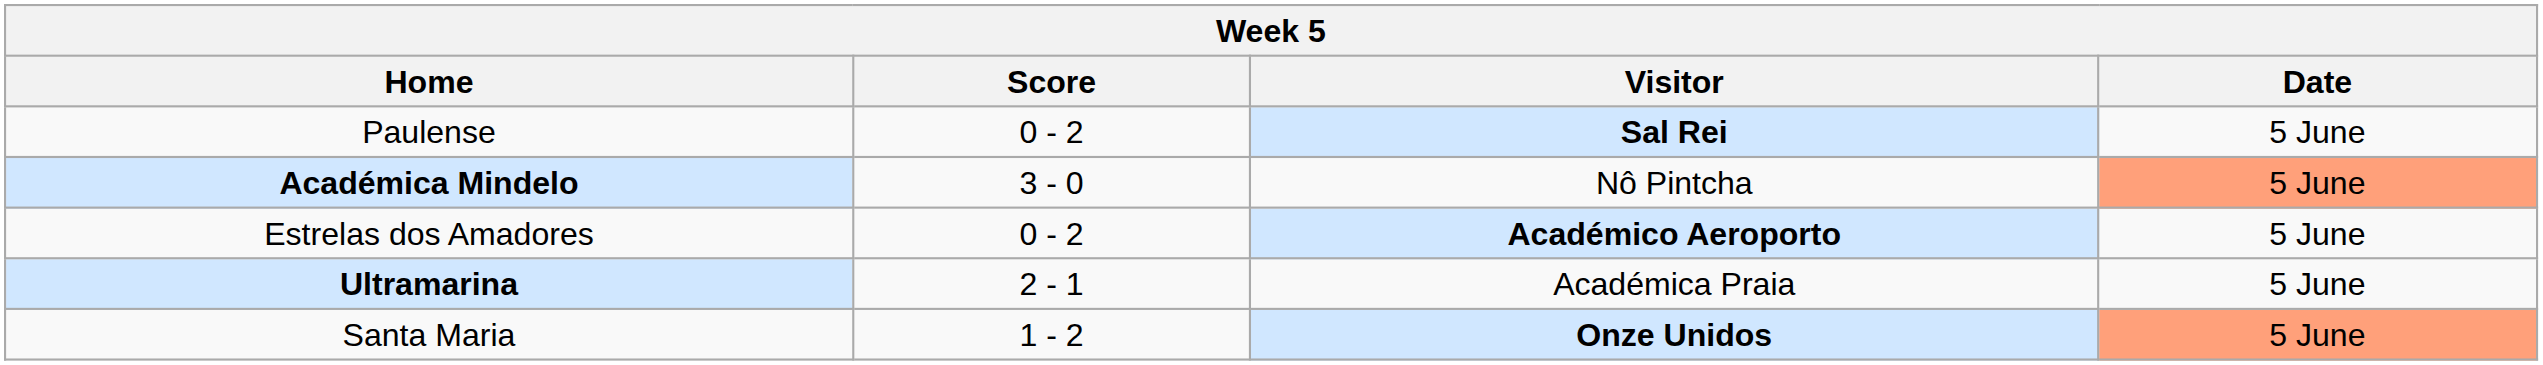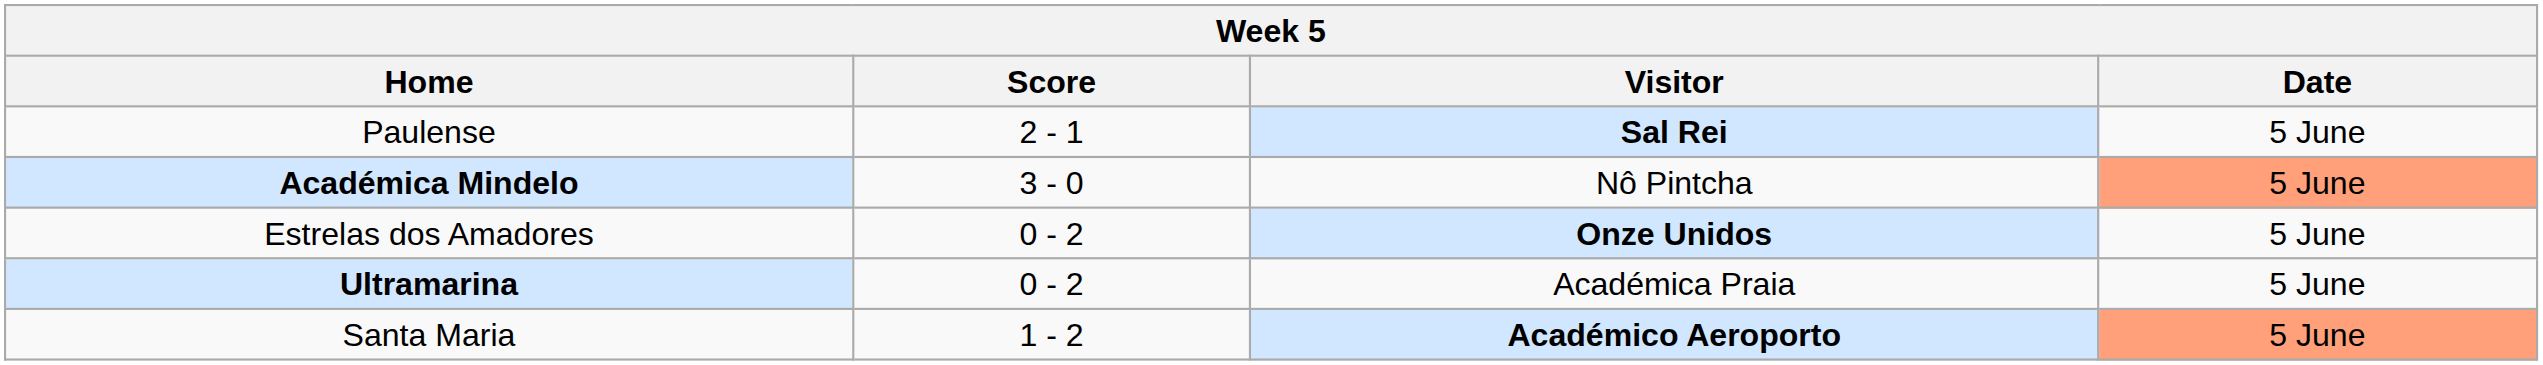 <table class="wikitable " style="font-size:95%; text-align: center; width: 95%;">
 <tr>
 <th colspan="12" style="with: 100%;" align=center>Week 5</th>
 </tr>
 <tr>
 <th width="200">Home</th>
 <th width="90">Score</th>
 <th width="200">Visitor</th>
 <th width="100">Date</th>
 </tr>
 <tr align=center>
 <td>Paulense</td>
-<td>0 - 2</td>
+<td>2 - 1</td>
 <td bgcolor=#D0E7FF><strong>Sal Rei</strong></td>
 <td>5 June</td>
 </tr>
 <tr align=center>
 <td bgcolor=#D0E7FF><strong>Académica Mindelo</strong></td>
 <td>3 - 0</td>
 <td>Nô Pintcha</td>
 <td style="background: lightsalmon;">5 June</td>
 </tr>
 <tr align=center>
 <td>Estrelas dos Amadores</td>
 <td>0 - 2</td>
-<td bgcolor=#D0E7FF><strong>Académico Aeroporto</strong></td>
+<td bgcolor=#D0E7FF><strong>Onze Unidos</strong></td>
 <td>5 June</td>
 </tr>
 <tr align=center>
 <td bgcolor=#D0E7FF><strong>Ultramarina</strong></td>
-<td>2 - 1</td>
+<td>0 - 2</td>
 <td>Académica Praia</td>
 <td>5 June</td>
 </tr>
 <tr align=center>
 <td>Santa Maria</td>
 <td>1 - 2</td>
-<td bgcolor=#D0E7FF><strong>Onze Unidos</strong></td>
+<td bgcolor=#D0E7FF><strong>Académico Aeroporto</strong></td>
 <td style="background: lightsalmon;">5 June</td>
 </tr>
 </table>
